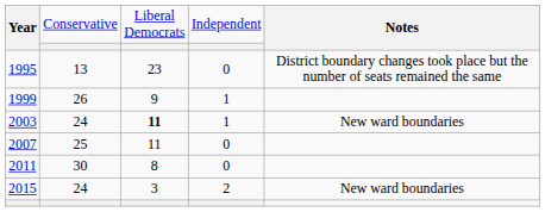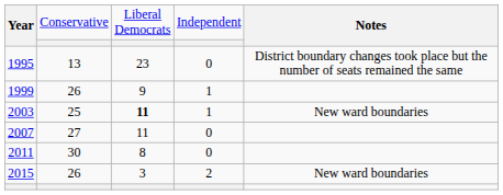 <table class=wikitable style=text-align:center>
 <tr>
 <th rowspan=2>Year</th>
 <td width="60"><a href='#'>Conservative</a></td>
 <td width="60"><a href='#'>Liberal Democrats</a></td>
 <td width="60"><a href='#'>Independent</a></td>
 <th rowspan="2">Notes</th>
 </tr>
 <tr>
 <th style="background-color: "></th>
 <th style="background-color: "></th>
 <th style="background-color: "></th>
 </tr>
 <tr>
 <td><a href='#'>1995</a></td>
 <td>13</td>
 <td>23</td>
 <td>0</td>
 <td>District boundary changes took place but the number of seats remained the same</td>
 </tr>
 <tr>
 <td><a href='#'>1999</a></td>
 <td>26</td>
 <td>9</td>
 <td>1</td>
 <td></td>
 </tr>
 <tr>
 <td><a href='#'>2003</a></td>
-<td>24</td>
+<td>25</td>
 <td><strong>11</strong></td>
 <td>1</td>
 <td>New ward boundaries</td>
 </tr>
 <tr>
 <td><a href='#'>2007</a></td>
-<td>25</td>
+<td>27</td>
 <td>11</td>
 <td>0</td>
 <td></td>
 </tr>
 <tr>
 <td><a href='#'>2011</a></td>
 <td>30</td>
 <td>8</td>
 <td>0</td>
 <td></td>
 </tr>
 <tr>
 <td><a href='#'>2015</a></td>
-<td>24</td>
+<td>26</td>
 <td>3</td>
 <td>2</td>
 <td>New ward boundaries</td>
 </tr>
 <tr>
 <th></th>
 <th style="background-color: "></th>
 <th style="background-color: "></th>
 <th style="background-color: "></th>
 <td></td>
 </tr>
 </table>
